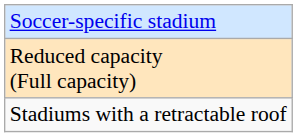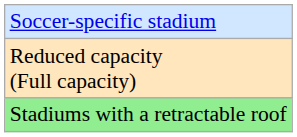 <table class=wikitable>
 <tr>
 <td bgcolor="#d0e7ff"><a href='#'>Soccer-specific stadium</a></td>
 </tr>
 <tr>
 <td bgcolor="#ffe6bd">Reduced capacity<br>(Full capacity)</td>
 </tr>
 <tr>
-<td> Stadiums with a retractable roof</td>
+<td style="background: lightgreen;"> Stadiums with a retractable roof</td>
 </tr>
 </table>
